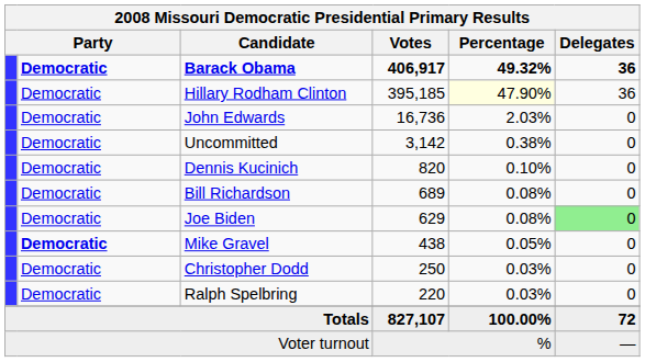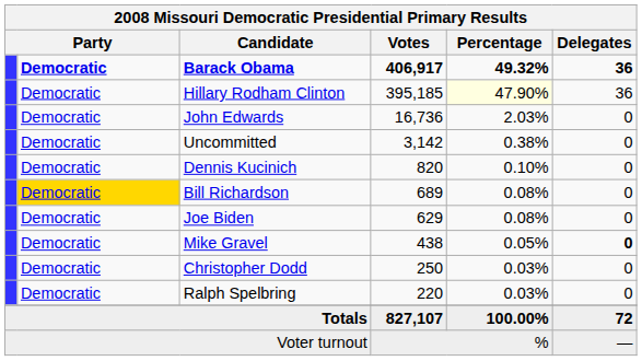 <table class="wikitable" style="font-size:95%;">
 <tr>
 <th colspan="7">2008 Missouri Democratic Presidential Primary Results</th>
 </tr>
 <tr>
 <th colspan="2" style="width: 15em">Party</th>
 <th style="width: 17em">Candidate</th>
 <th style="width: 5em">Votes</th>
 <th style="width: 7em">Percentage</th>
 <th style="width: 5em">Delegates</th>
 </tr>
 <tr>
 <th style="background-color:#3333FF; width: 3px"></th>
 <td style="width: 130px"><strong><a href='#'>Democratic</a></strong></td>
 <td><strong><a href='#'>Barack Obama</a></strong></td>
 <td align="right"><strong>406,917</strong></td>
 <td align="right"><strong>49.32%</strong></td>
 <td align="right"><strong>36</strong></td>
 </tr>
 <tr>
 <th style="background-color:#3333FF; width: 3px"></th>
 <td style="width: 130px"><a href='#'>Democratic</a></td>
 <td><a href='#'>Hillary Rodham Clinton</a></td>
 <td align="right">395,185</td>
 <td align="right" style="background: lightyellow;">47.90%</td>
 <td align="right">36</td>
 </tr>
 <tr>
 <th style="background-color:#3333FF; width: 3px"></th>
 <td style="width: 130px"><a href='#'>Democratic</a></td>
 <td><a href='#'>John Edwards</a></td>
 <td align="right">16,736</td>
 <td align="right">2.03%</td>
 <td align="right">0</td>
 </tr>
 <tr>
 <th style="background-color:#3333FF; width: 3px"></th>
 <td style="width: 130px"><a href='#'>Democratic</a></td>
 <td>Uncommitted</td>
 <td align="right">3,142</td>
 <td align="right">0.38%</td>
 <td align="right">0</td>
 </tr>
 <tr>
 <th style="background-color:#3333FF; width: 3px"></th>
 <td style="width: 130px"><a href='#'>Democratic</a></td>
 <td><a href='#'>Dennis Kucinich</a></td>
 <td align="right">820</td>
 <td align="right">0.10%</td>
 <td align="right">0</td>
 </tr>
 <tr>
 <th style="background-color:#3333FF; width: 3px"></th>
-<td style="width: 130px"><a href='#'>Democratic</a></td>
+<td style="background: gold; width: 130px"><a href='#'>Democratic</a></td>
 <td><a href='#'>Bill Richardson</a></td>
 <td align="right">689</td>
 <td align="right">0.08%</td>
 <td align="right">0</td>
 </tr>
 <tr>
 <th style="background-color:#3333FF; width: 3px"></th>
 <td style="width: 130px"><a href='#'>Democratic</a></td>
 <td><a href='#'>Joe Biden</a></td>
 <td align="right">629</td>
 <td align="right">0.08%</td>
-<td align="right" style="background: lightgreen;">0</td>
+<td align="right">0</td>
 </tr>
 <tr>
 <th style="background-color:#3333FF; width: 3px"></th>
-<td style="width: 130px"><strong><a href='#'>Democratic</a></strong></td>
+<td style="width: 130px"><a href='#'>Democratic</a></td>
 <td><a href='#'>Mike Gravel</a></td>
 <td align="right">438</td>
 <td align="right">0.05%</td>
-<td align="right">0</td>
+<td align="right"><strong>0</strong></td>
 </tr>
 <tr>
 <th style="background-color:#3333FF; width: 3px"></th>
 <td style="width: 130px"><a href='#'>Democratic</a></td>
 <td><a href='#'>Christopher Dodd</a></td>
 <td align="right">250</td>
 <td align="right">0.03%</td>
 <td align="right">0</td>
 </tr>
 <tr>
 <th style="background-color:#3333FF; width: 3px"></th>
 <td style="width: 130px"><a href='#'>Democratic</a></td>
 <td>Ralph Spelbring</td>
 <td align="right">220</td>
 <td align="right">0.03%</td>
 <td align="right">0</td>
 </tr>
 <tr>
 </tr>
 <tr bgcolor="#EEEEEE">
 <td colspan="3" align="right"><strong>Totals</strong></td>
 <td align="right"><strong>827,107</strong></td>
 <td align="right"><strong>100.00%</strong></td>
 <td align="right"><strong>72</strong></td>
 </tr>
 <tr bgcolor="#EEEEEE">
 <td colspan="3" align="right">Voter turnout</td>
 <td colspan="2" align="right">%</td>
 <td align="right">—</td>
 </tr>
 </table>
